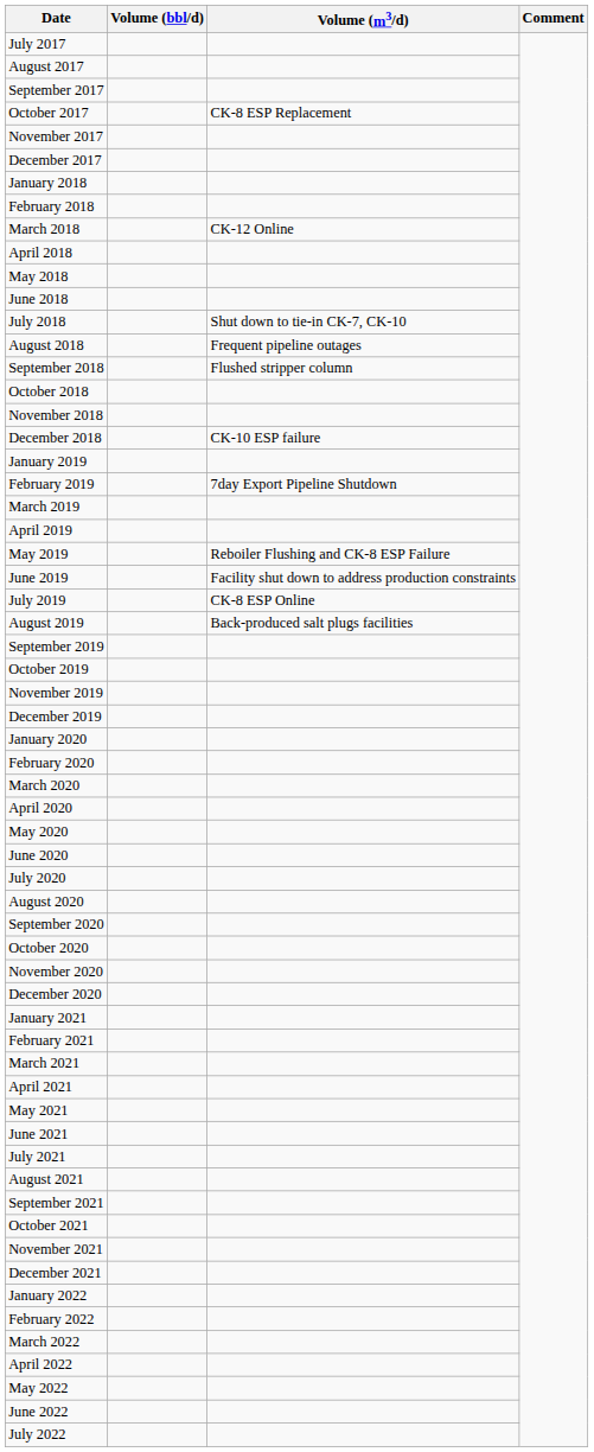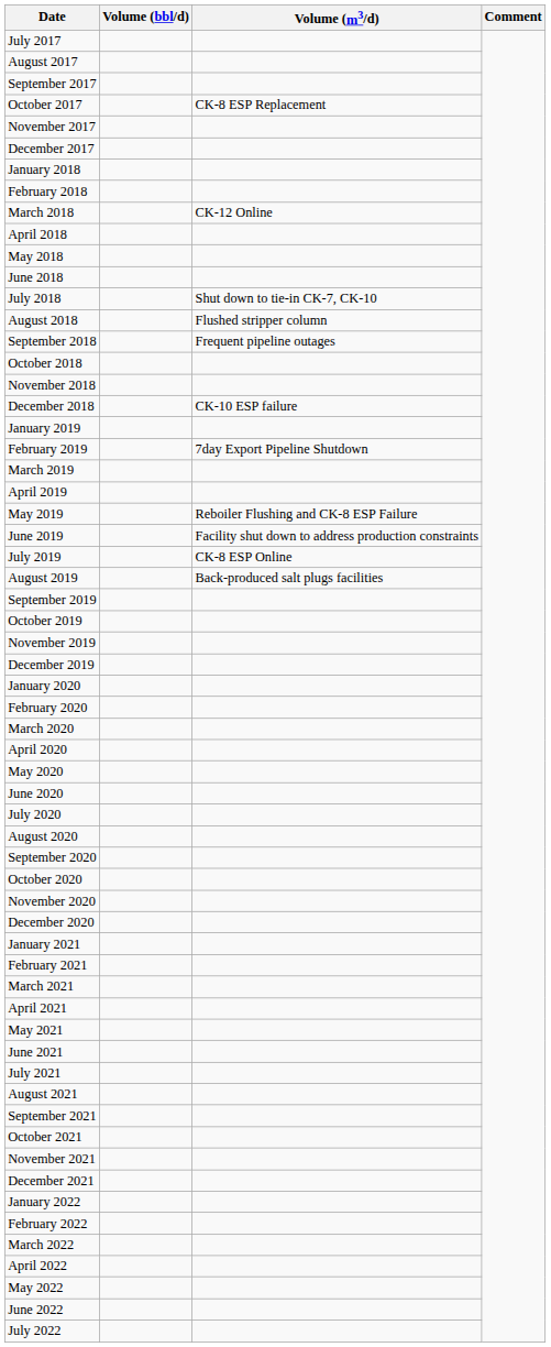 <table class="wikitable">
 <tr>
 <th>Date</th>
 <th>Volume (<a href='#'>bbl</a>/d)</th>
 <th>Volume (<a href='#'>m<sup>3</sup></a>/d)</th>
 <th>Comment</th>
 </tr>
 <tr>
 <td>July 2017</td>
 <td></td>
 <td></td>
 </tr>
 <tr>
 <td>August 2017</td>
 <td></td>
 <td></td>
 </tr>
 <tr>
 <td>September 2017</td>
 <td></td>
 <td></td>
 </tr>
 <tr>
 <td>October 2017</td>
 <td></td>
 <td>CK-8 ESP Replacement</td>
 </tr>
 <tr>
 <td>November 2017</td>
 <td></td>
 <td></td>
 </tr>
 <tr>
 <td>December 2017</td>
 <td></td>
 <td></td>
 </tr>
 <tr>
 <td>January 2018</td>
 <td></td>
 <td></td>
 </tr>
 <tr>
 <td>February 2018</td>
 <td></td>
 <td></td>
 </tr>
 <tr>
 <td>March 2018</td>
 <td></td>
 <td>CK-12 Online</td>
 </tr>
 <tr>
 <td>April 2018</td>
 <td></td>
 <td></td>
 </tr>
 <tr>
 <td>May 2018</td>
 <td></td>
 <td></td>
 </tr>
 <tr>
 <td>June 2018</td>
 <td></td>
 <td></td>
 </tr>
 <tr>
 <td>July 2018</td>
 <td></td>
 <td>Shut down to tie-in CK-7, CK-10</td>
 </tr>
 <tr>
 <td>August 2018</td>
 <td></td>
-<td>Frequent pipeline outages</td>
+<td>Flushed stripper column</td>
 </tr>
 <tr>
 <td>September 2018</td>
 <td></td>
-<td>Flushed stripper column</td>
+<td>Frequent pipeline outages</td>
 </tr>
 <tr>
 <td>October 2018</td>
 <td></td>
 <td></td>
 </tr>
 <tr>
 <td>November 2018</td>
 <td></td>
 <td></td>
 </tr>
 <tr>
 <td>December 2018</td>
 <td></td>
 <td>CK-10 ESP failure</td>
 </tr>
 <tr>
 <td>January 2019</td>
 <td></td>
 <td></td>
 </tr>
 <tr>
 <td>February 2019</td>
 <td></td>
 <td>7day Export Pipeline Shutdown</td>
 </tr>
 <tr>
 <td>March 2019</td>
 <td></td>
 <td></td>
 </tr>
 <tr>
 <td>April 2019</td>
 <td></td>
 <td></td>
 </tr>
 <tr>
 <td>May 2019</td>
 <td></td>
 <td>Reboiler Flushing and CK-8 ESP Failure</td>
 </tr>
 <tr>
 <td>June 2019</td>
 <td></td>
 <td>Facility shut down to address production constraints</td>
 </tr>
 <tr>
 <td>July 2019</td>
 <td></td>
 <td>CK-8 ESP Online</td>
 </tr>
 <tr>
 <td>August 2019</td>
 <td></td>
 <td>Back-produced salt plugs facilities</td>
 </tr>
 <tr>
 <td>September 2019</td>
 <td></td>
 <td></td>
 </tr>
 <tr>
 <td>October 2019</td>
 <td> </td>
 <td></td>
 </tr>
 <tr>
 <td>November 2019</td>
 <td></td>
 <td></td>
 </tr>
 <tr>
 <td>December 2019</td>
 <td></td>
 <td></td>
 </tr>
 <tr>
 <td>January 2020</td>
 <td></td>
 <td></td>
 </tr>
 <tr>
 <td>February 2020</td>
 <td></td>
 <td></td>
 </tr>
 <tr>
 <td>March 2020</td>
 <td></td>
 <td></td>
 </tr>
 <tr>
 <td>April 2020</td>
 <td></td>
 <td></td>
 </tr>
 <tr>
 <td>May 2020</td>
 <td></td>
 <td></td>
 </tr>
 <tr>
 <td>June 2020</td>
 <td></td>
 <td></td>
 </tr>
 <tr>
 <td>July 2020</td>
 <td></td>
 <td></td>
 </tr>
 <tr>
 <td>August 2020</td>
 <td></td>
 <td></td>
 </tr>
 <tr>
 <td>September 2020</td>
 <td></td>
 <td></td>
 </tr>
 <tr>
 <td>October 2020</td>
 <td></td>
 <td></td>
 </tr>
 <tr>
 <td>November 2020</td>
 <td></td>
 <td></td>
 </tr>
 <tr>
 <td>December 2020</td>
 <td></td>
 <td></td>
 </tr>
 <tr>
 <td>January 2021</td>
 <td></td>
 <td></td>
 </tr>
 <tr>
 <td>February 2021</td>
 <td></td>
 <td></td>
 </tr>
 <tr>
 <td>March 2021</td>
 <td></td>
 <td></td>
 </tr>
 <tr>
 <td>April 2021</td>
 <td></td>
 <td></td>
 </tr>
 <tr>
 <td>May 2021</td>
 <td></td>
 <td></td>
 </tr>
 <tr>
 <td>June 2021</td>
 <td></td>
 <td></td>
 </tr>
 <tr>
 <td>July 2021</td>
 <td></td>
 <td></td>
 </tr>
 <tr>
 <td>August 2021</td>
 <td></td>
 <td></td>
 </tr>
 <tr>
 <td>September 2021</td>
 <td></td>
 <td></td>
 </tr>
 <tr>
 <td>October 2021</td>
 <td></td>
 <td></td>
 </tr>
 <tr>
 <td>November 2021</td>
 <td></td>
 <td></td>
 </tr>
 <tr>
 <td>December 2021</td>
 <td></td>
 <td></td>
 </tr>
 <tr>
 <td>January 2022</td>
 <td></td>
 <td></td>
 </tr>
 <tr>
 <td>February 2022</td>
 <td></td>
 <td></td>
 </tr>
 <tr>
 <td>March 2022</td>
 <td></td>
 <td></td>
 </tr>
 <tr>
 <td>April 2022</td>
 <td></td>
 <td></td>
 </tr>
 <tr>
 <td>May 2022</td>
 <td></td>
 <td></td>
 </tr>
 <tr>
 <td>June 2022</td>
 <td></td>
 <td></td>
 </tr>
 <tr>
 <td>July 2022</td>
 <td></td>
 <td></td>
 </tr>
 </table>
